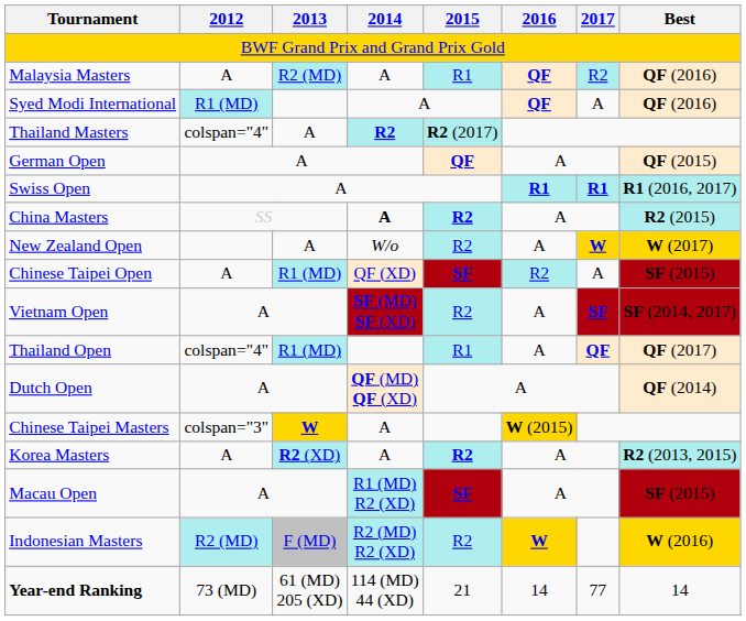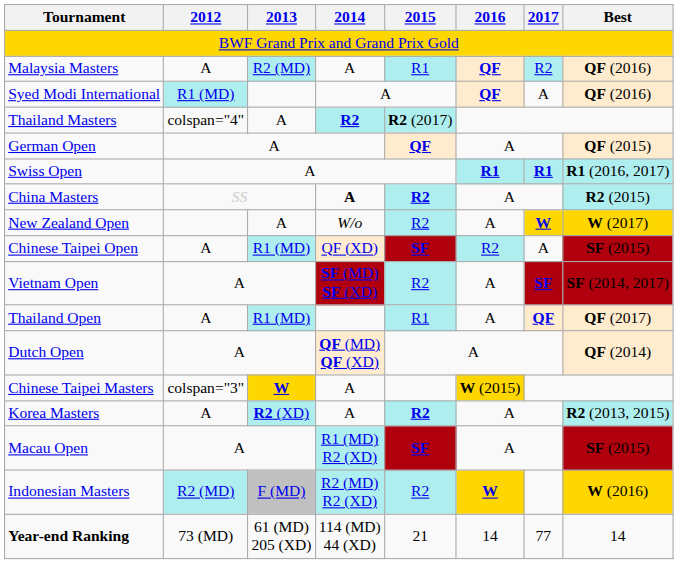 <table style='font-size: 90%; text-align:center;' class='wikitable'>
 <tr>
 <th>Tournament</th>
 <th><a href='#'>2012</a></th>
 <th><a href='#'>2013</a></th>
 <th><a href='#'>2014</a></th>
 <th><a href='#'>2015</a></th>
 <th><a href='#'>2016</a></th>
 <th><a href='#'>2017</a></th>
 <th>Best</th>
 </tr>
 <tr bgcolor=FFD700>
 <td colspan="8" align=center><a href='#'>BWF Grand Prix and Grand Prix Gold</a></td>
 </tr>
 <tr>
 <td align=left><a href='#'>Malaysia Masters</a></td>
 <td>A</td>
 <td bgcolor=AFEEEE><a href='#'>R2 (MD)</a></td>
 <td>A</td>
 <td bgcolor=AFEEEE><a href='#'>R1</a></td>
 <td bgcolor=FFEBCD><a href='#'><strong>QF</strong></a></td>
 <td bgcolor=AFEEEE><a href='#'>R2</a></td>
 <td bgcolor=FFEBCD><strong>QF</strong> (2016)</td>
 </tr>
 <tr>
 <td align=left><a href='#'>Syed Modi International</a></td>
 <td bgcolor=AFEEEE><a href='#'>R1 (MD)</a></td>
 <td></td>
 <td colspan="2">A</td>
 <td bgcolor=FFEBCD><a href='#'><strong>QF</strong></a></td>
 <td>A</td>
 <td bgcolor=FFEBCD><strong>QF</strong> (2016)</td>
 </tr>
 <tr>
 <td align=left><a href='#'>Thailand Masters</a></td>
 <td>colspan="4" </td>
 <td>A</td>
 <td bgcolor=AFEEEE><a href='#'><strong>R2</strong></a></td>
 <td bgcolor=AFEEEE><strong>R2</strong> (2017)</td>
 </tr>
 <tr>
 <td align=left><a href='#'>German Open</a></td>
 <td colspan="3">A</td>
 <td bgcolor=FFEBCD><a href='#'><strong>QF</strong></a></td>
 <td colspan="2">A</td>
 <td bgcolor=FFEBCD><strong>QF</strong> (2015)</td>
 </tr>
 <tr>
 <td align=left><a href='#'>Swiss Open</a></td>
 <td colspan="4">A</td>
 <td bgcolor=AFEEEE><a href='#'><strong>R1</strong></a></td>
 <td bgcolor=AFEEEE><a href='#'><strong>R1</strong></a></td>
 <td bgcolor=AFEEEE><strong>R1</strong> (2016, 2017)</td>
 </tr>
 <tr>
 <td align=left><a href='#'>China Masters</a></td>
 <td colspan="2" style="color:#ccc"><em>SS</em></td>
 <td><strong>A</strong></td>
 <td bgcolor=AFEEEE><a href='#'><strong>R2</strong></a></td>
 <td colspan="2">A</td>
 <td bgcolor=AFEEEE><strong>R2</strong> (2015)</td>
 </tr>
 <tr>
 <td align=left><a href='#'>New Zealand Open</a></td>
 <td></td>
 <td>A</td>
 <td><em>W/o</em></td>
 <td bgcolor=AFEEEE><a href='#'>R2</a></td>
 <td>A</td>
 <td bgcolor=Gold><a href='#'><strong>W</strong></a></td>
 <td bgcolor=Gold><strong>W</strong> (2017)</td>
 </tr>
 <tr>
 <td align=left><a href='#'>Chinese Taipei Open</a></td>
 <td>A</td>
 <td bgcolor=AFEEEE><a href='#'>R1 (MD)</a></td>
 <td bgcolor=FFEBCD><a href='#'>QF (XD)</a></td>
 <td bgcolor=Bronze><a href='#'><strong>SF</strong></a></td>
 <td bgcolor=AFEEEE><a href='#'>R2</a></td>
 <td>A</td>
 <td bgcolor=Bronze><strong>SF</strong> (2015)</td>
 </tr>
 <tr>
 <td align=left><a href='#'>Vietnam Open</a></td>
 <td colspan="2">A</td>
 <td bgcolor=Bronze><a href='#'><strong>SF</strong> (MD)</a> <br> <a href='#'><strong>SF</strong> (XD)</a></td>
 <td bgcolor=AFEEEE><a href='#'>R2</a></td>
 <td>A</td>
 <td bgcolor=Bronze><a href='#'><strong>SF</strong></a></td>
 <td bgcolor=Bronze><strong>SF</strong> (2014, 2017)</td>
 </tr>
 <tr>
 <td align=left><a href='#'>Thailand Open</a></td>
-<td>colspan="4" </td>
+<td>A</td>
 <td bgcolor=AFEEEE><a href='#'>R1 (MD)</a></td>
 <td></td>
 <td bgcolor=AFEEEE><a href='#'>R1</a></td>
 <td>A</td>
 <td bgcolor=FFEBCD><a href='#'><strong>QF</strong></a></td>
 <td bgcolor=FFEBCD><strong>QF</strong> (2017)</td>
 </tr>
 <tr>
 <td align=left><a href='#'>Dutch Open</a></td>
 <td colspan="2">A</td>
 <td bgcolor=FFEBCD><a href='#'><strong>QF</strong> (MD)</a> <br> <a href='#'><strong>QF</strong> (XD)</a></td>
 <td colspan="3">A</td>
 <td bgcolor=FFEBCD><strong>QF</strong> (2014)</td>
 </tr>
 <tr>
 <td align=left><a href='#'>Chinese Taipei Masters</a></td>
 <td>colspan="3" </td>
 <td bgcolor=Gold><a href='#'><strong>W</strong></a></td>
 <td>A</td>
 <td></td>
 <td bgcolor=Gold><strong>W</strong> (2015)</td>
 </tr>
 <tr>
 <td align=left><a href='#'>Korea Masters</a></td>
 <td>A</td>
 <td bgcolor=AFEEEE><a href='#'><strong>R2</strong> (XD)</a></td>
 <td>A</td>
 <td bgcolor=AFEEEE><a href='#'><strong>R2</strong></a></td>
 <td colspan="2">A</td>
 <td bgcolor=AFEEEE><strong>R2</strong> (2013, 2015)</td>
 </tr>
 <tr>
 <td align=left><a href='#'>Macau Open</a></td>
 <td colspan="2">A</td>
 <td bgcolor=AFEEEE><a href='#'>R1 (MD)</a><br> <a href='#'>R2 (XD)</a></td>
 <td bgcolor=Bronze><a href='#'><strong>SF</strong></a></td>
 <td colspan="2">A</td>
 <td bgcolor=Bronze><strong>SF</strong> (2015)</td>
 </tr>
 <tr>
 <td align=left><a href='#'>Indonesian Masters</a></td>
 <td bgcolor=AFEEEE><a href='#'>R2 (MD)</a></td>
 <td bgcolor=silver><a href='#'>F (MD)</a></td>
 <td bgcolor=AFEEEE><a href='#'>R2 (MD)</a><br> <a href='#'>R2 (XD)</a></td>
 <td bgcolor=AFEEEE><a href='#'>R2</a></td>
 <td bgcolor=Gold><a href='#'><strong>W</strong></a></td>
 <td></td>
 <td bgcolor=Gold><strong>W</strong> (2016)</td>
 </tr>
 <tr>
 <td align=left><strong>Year-end Ranking</strong></td>
 <td align=center>73 (MD)</td>
 <td align=center>61 (MD)<br> 205 (XD)</td>
 <td align=center>114 (MD)<br> 44 (XD)</td>
 <td align=center>21</td>
 <td align=center>14</td>
 <td align=center>77</td>
 <td align=center>14</td>
 </tr>
 </table>
